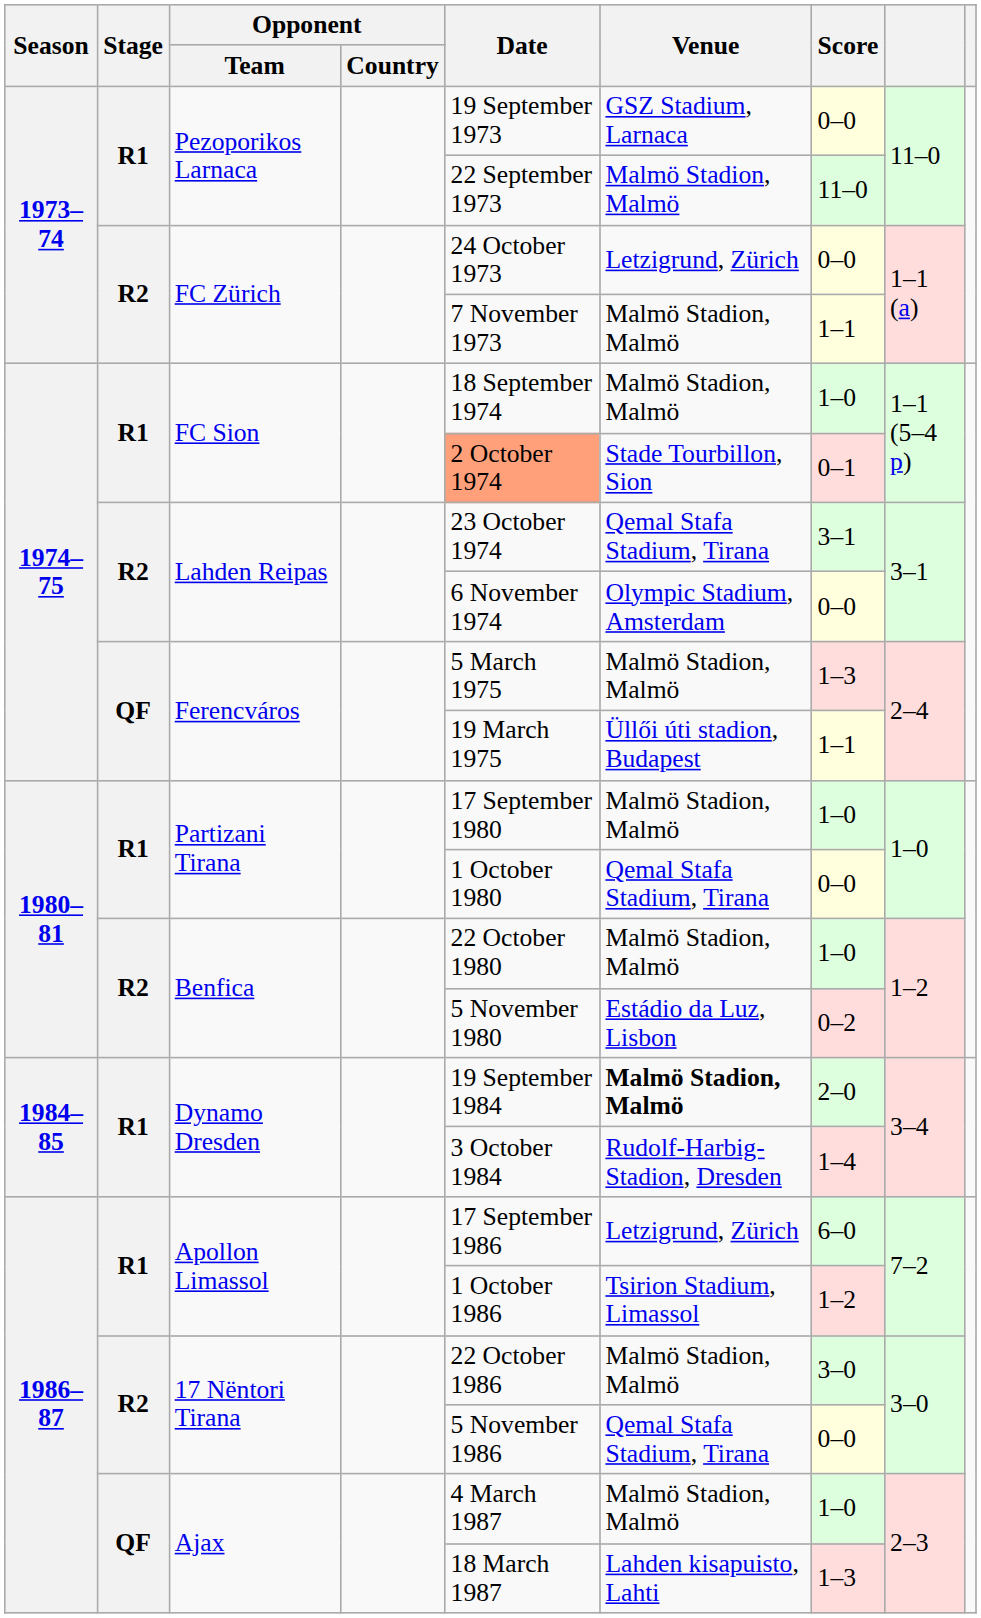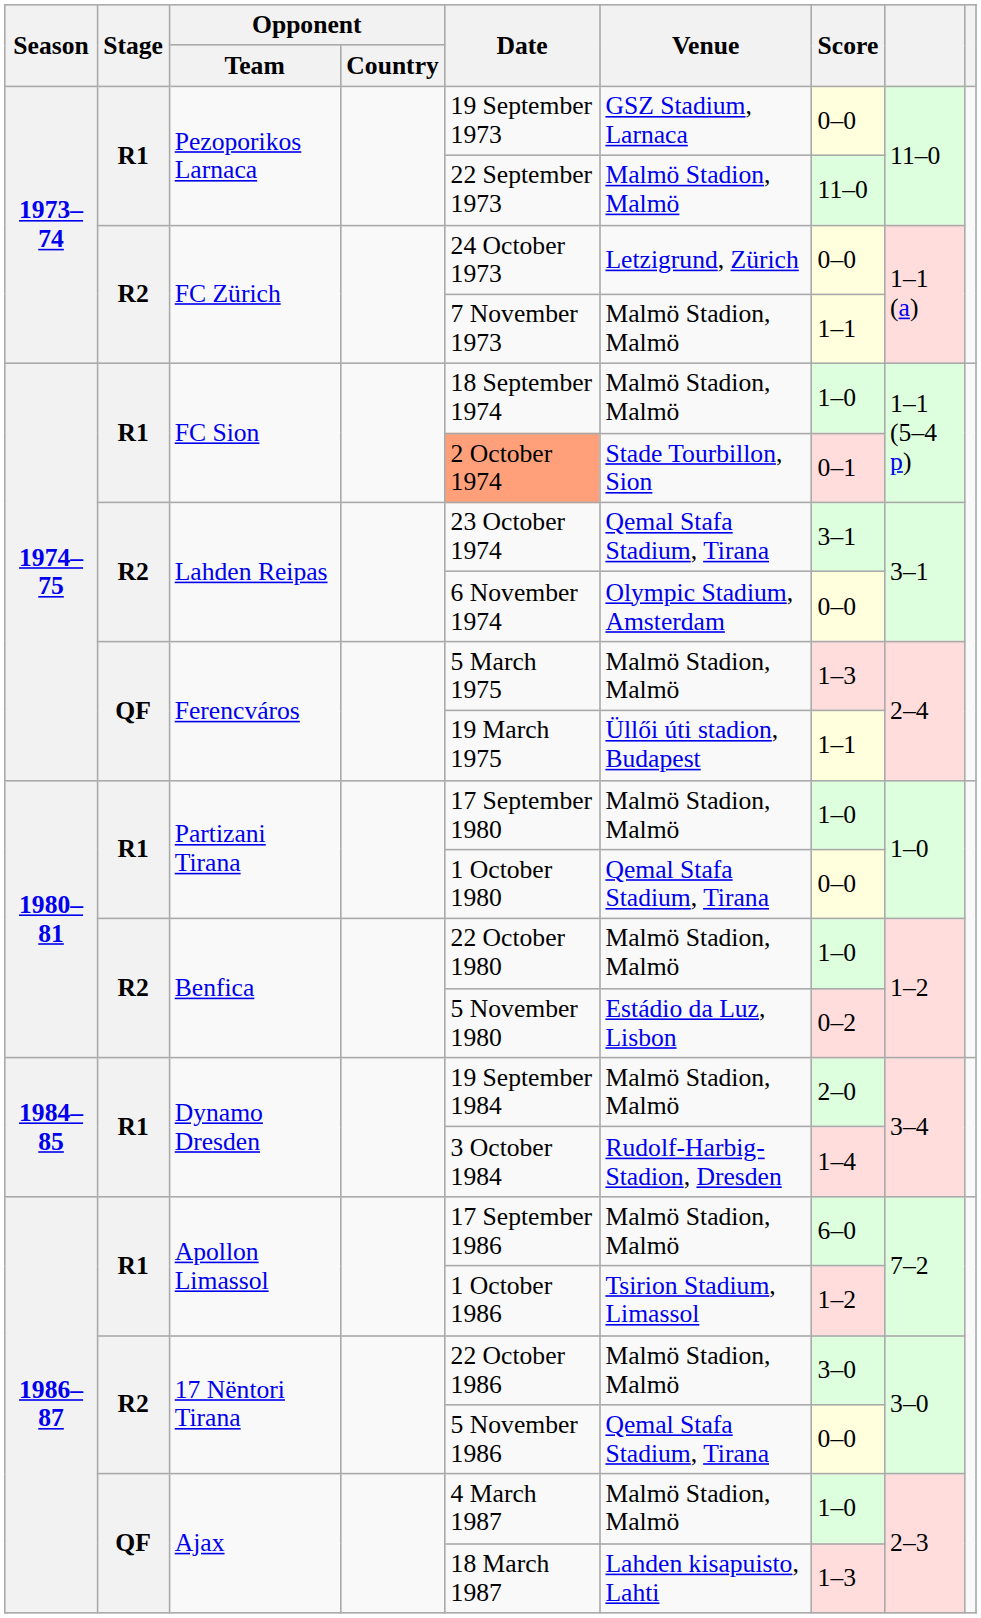 <table class="wikitable plainrowheaders">
 <tr>
 <th rowspan=2>Season</th>
 <th rowspan=2>Stage</th>
 <th scope="col" colspan=2>Opponent</th>
 <th scope="col" rowspan=2>Date</th>
 <th scope="col" rowspan=2>Venue</th>
 <th scope="col" rowspan=2>Score</th>
 <th scope="col" rowspan=2></th>
 <th scope="col" rowspan=2></th>
 </tr>
 <tr>
 <th scope="col">Team</th>
 <th scope="col">Country</th>
 </tr>
 <tr>
 <th scope=row rowspan="4"><a href='#'>1973–74</a></th>
 <th scope=row rowspan="2">R1</th>
 <td rowspan="2"><a href='#'>Pezoporikos Larnaca</a></td>
 <td rowspan="2"></td>
 <td>19 September 1973</td>
 <td><a href='#'>GSZ Stadium</a>, <a href='#'>Larnaca</a></td>
 <td bgcolor="#ffffdd">0–0</td>
 <td rowspan="2" bgcolor="#ddffdd">11–0</td>
 <td rowspan="4" align=center></td>
 </tr>
 <tr>
 <td>22 September 1973</td>
 <td><a href='#'>Malmö Stadion</a>, <a href='#'>Malmö</a></td>
 <td bgcolor="#ddffdd">11–0</td>
 </tr>
 <tr>
 <th scope=row rowspan="2">R2</th>
 <td rowspan="2"><a href='#'>FC Zürich</a></td>
 <td rowspan="2"></td>
 <td>24 October 1973</td>
 <td><a href='#'>Letzigrund</a>, <a href='#'>Zürich</a></td>
 <td bgcolor="#ffffdd">0–0</td>
 <td rowspan="2" bgcolor="#ffdddd">1–1 (<a href='#'>a</a>)</td>
 </tr>
 <tr>
 <td>7 November 1973</td>
 <td>Malmö Stadion, Malmö</td>
 <td bgcolor="#ffffdd">1–1</td>
 </tr>
 <tr>
 <th scope=row rowspan="6"><a href='#'>1974–75</a></th>
 <th scope=row rowspan="2">R1</th>
 <td rowspan="2"><a href='#'>FC Sion</a></td>
 <td rowspan="2"></td>
 <td>18 September 1974</td>
 <td>Malmö Stadion, Malmö</td>
 <td bgcolor="#ddffdd">1–0</td>
 <td rowspan="2" bgcolor="#ddffdd">1–1 (5–4 <a href='#'>p</a>)</td>
 <td rowspan="6" align=center></td>
 </tr>
 <tr>
 <td style="background: lightsalmon;">2 October 1974</td>
 <td><a href='#'>Stade Tourbillon</a>, <a href='#'>Sion</a></td>
 <td bgcolor="#ffdddd">0–1 </td>
 </tr>
 <tr>
 <th scope=row rowspan="2">R2</th>
 <td rowspan="2"><a href='#'>Lahden Reipas</a></td>
 <td rowspan="2"></td>
 <td>23 October 1974</td>
 <td><a href='#'>Qemal Stafa Stadium</a>, <a href='#'>Tirana</a></td>
 <td bgcolor="#ddffdd">3–1</td>
 <td rowspan="2" bgcolor="#ddffdd">3–1</td>
 </tr>
 <tr>
 <td>6 November 1974</td>
 <td><a href='#'>Olympic Stadium</a>, <a href='#'>Amsterdam</a></td>
 <td bgcolor="#ffffdd">0–0</td>
 </tr>
 <tr>
 <th scope=row rowspan="2">QF</th>
 <td rowspan="2"><a href='#'>Ferencváros</a></td>
 <td rowspan="2"></td>
 <td>5 March 1975</td>
 <td>Malmö Stadion, Malmö</td>
 <td bgcolor="#ffdddd">1–3</td>
 <td rowspan="2" bgcolor="#ffdddd">2–4</td>
 </tr>
 <tr>
 <td>19 March 1975</td>
 <td><a href='#'>Üllői úti stadion</a>, <a href='#'>Budapest</a></td>
 <td bgcolor="#ffffdd">1–1</td>
 </tr>
 <tr>
 <th scope=row rowspan="4"><a href='#'>1980–81</a></th>
 <th scope=row rowspan="2">R1</th>
 <td rowspan="2"><a href='#'>Partizani Tirana</a></td>
 <td rowspan="2"></td>
 <td>17 September 1980</td>
 <td>Malmö Stadion, Malmö</td>
 <td bgcolor="#ddffdd">1–0</td>
 <td rowspan="2" bgcolor="#ddffdd">1–0</td>
 <td rowspan="4" align=center></td>
 </tr>
 <tr>
 <td>1 October 1980</td>
 <td><a href='#'>Qemal Stafa Stadium</a>, <a href='#'>Tirana</a></td>
 <td bgcolor="#ffffdd">0–0</td>
 </tr>
 <tr>
 <th scope=row rowspan="2">R2</th>
 <td rowspan="2"><a href='#'>Benfica</a></td>
 <td rowspan="2"></td>
 <td>22 October 1980</td>
 <td>Malmö Stadion, Malmö</td>
 <td bgcolor="#ddffdd">1–0</td>
 <td rowspan="2" bgcolor="#ffdddd">1–2</td>
 </tr>
 <tr>
 <td>5 November 1980</td>
 <td><a href='#'>Estádio da Luz</a>, <a href='#'>Lisbon</a></td>
 <td bgcolor="#ffdddd">0–2</td>
 </tr>
 <tr>
 <th scope=row rowspan="2"><a href='#'>1984–85</a></th>
 <th scope=row rowspan="2">R1</th>
 <td rowspan="2"><a href='#'>Dynamo Dresden</a></td>
 <td rowspan="2"></td>
 <td>19 September 1984</td>
-<td><strong>Malmö Stadion, Malmö</strong></td>
+<td>Malmö Stadion, Malmö</td>
 <td bgcolor="#ddffdd">2–0</td>
 <td rowspan="2" bgcolor="#ffdddd">3–4</td>
 <td rowspan="2" align=center></td>
 </tr>
 <tr>
 <td>3 October 1984</td>
 <td><a href='#'>Rudolf-Harbig-Stadion</a>, <a href='#'>Dresden</a></td>
 <td bgcolor="#ffdddd">1–4</td>
 </tr>
 <tr>
 <th scope=row rowspan="6"><a href='#'>1986–87</a></th>
 <th scope=row rowspan="2">R1</th>
 <td rowspan="2"><a href='#'>Apollon Limassol</a></td>
 <td rowspan="2"></td>
 <td>17 September 1986</td>
-<td><a href='#'>Letzigrund</a>, <a href='#'>Zürich</a></td>
+<td>Malmö Stadion, Malmö</td>
 <td bgcolor="#ddffdd">6–0</td>
 <td rowspan="2" bgcolor="#ddffdd">7–2</td>
 <td rowspan="6" align=center></td>
 </tr>
 <tr>
 <td>1 October 1986</td>
 <td><a href='#'>Tsirion Stadium</a>, <a href='#'>Limassol</a></td>
 <td bgcolor="#ffdddd">1–2</td>
 </tr>
 <tr>
 <th scope=row rowspan="2">R2</th>
 <td rowspan="2"><a href='#'>17 Nëntori Tirana</a></td>
 <td rowspan="2"></td>
 <td>22 October 1986</td>
 <td>Malmö Stadion, Malmö</td>
 <td bgcolor="#ddffdd">3–0</td>
 <td rowspan="2" bgcolor="#ddffdd">3–0</td>
 </tr>
 <tr>
 <td>5 November 1986</td>
 <td><a href='#'>Qemal Stafa Stadium</a>, <a href='#'>Tirana</a></td>
 <td bgcolor="#ffffdd">0–0</td>
 </tr>
 <tr>
 <th scope=row rowspan="2">QF</th>
 <td rowspan="2"><a href='#'>Ajax</a></td>
 <td rowspan="2"></td>
 <td>4 March 1987</td>
 <td>Malmö Stadion, Malmö</td>
 <td bgcolor="#ddffdd">1–0</td>
 <td rowspan="2" bgcolor="#ffdddd">2–3</td>
 </tr>
 <tr>
 <td>18 March 1987</td>
 <td><a href='#'>Lahden kisapuisto</a>, <a href='#'>Lahti</a></td>
 <td bgcolor="#ffdddd">1–3</td>
 </tr>
 </table>
